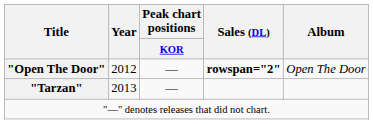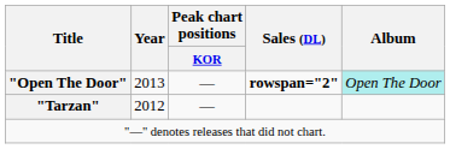 <table class="wikitable plainrowheaders" style="text-align:center;">
 <tr>
 <th scope="col" rowspan="2">Title</th>
 <th scope="col" rowspan="2">Year</th>
 <th scope="col" colspan="1">Peak chart <br> positions</th>
 <th scope="col" rowspan="2">Sales <small>(<a href='#'>DL</a>)</small></th>
 <th scope="col" rowspan="2">Album</th>
 </tr>
 <tr>
 <th><small><a href='#'>KOR</a></small><br></th>
 </tr>
 <tr>
 <th scope="row">"Open The Door"</th>
-<td>2012</td>
+<td>2013</td>
 <td>—</td>
 <td><strong>rowspan="2" </strong></td>
-<td><em>Open The Door</em></td>
+<td style="background: paleturquoise;"><em>Open The Door</em></td>
 </tr>
 <tr>
 <th scope="row">"Tarzan"</th>
-<td>2013</td>
+<td>2012</td>
 <td>—</td>
 <td></td>
 </tr>
 <tr>
 <td colspan="5" align="center"><small>"—" denotes releases that did not chart.</small></td>
 </tr>
 </table>
